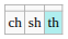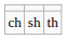 <table class=wikitable>
 <tr align=center>
 <td></td>
 <td></td>
 <td></td>
 </tr>
 <tr align=center>
 <td>ch</td>
 <td>sh</td>
-<td style="background: paleturquoise;">th</td>
+<td>th</td>
 </tr>
 </table>
